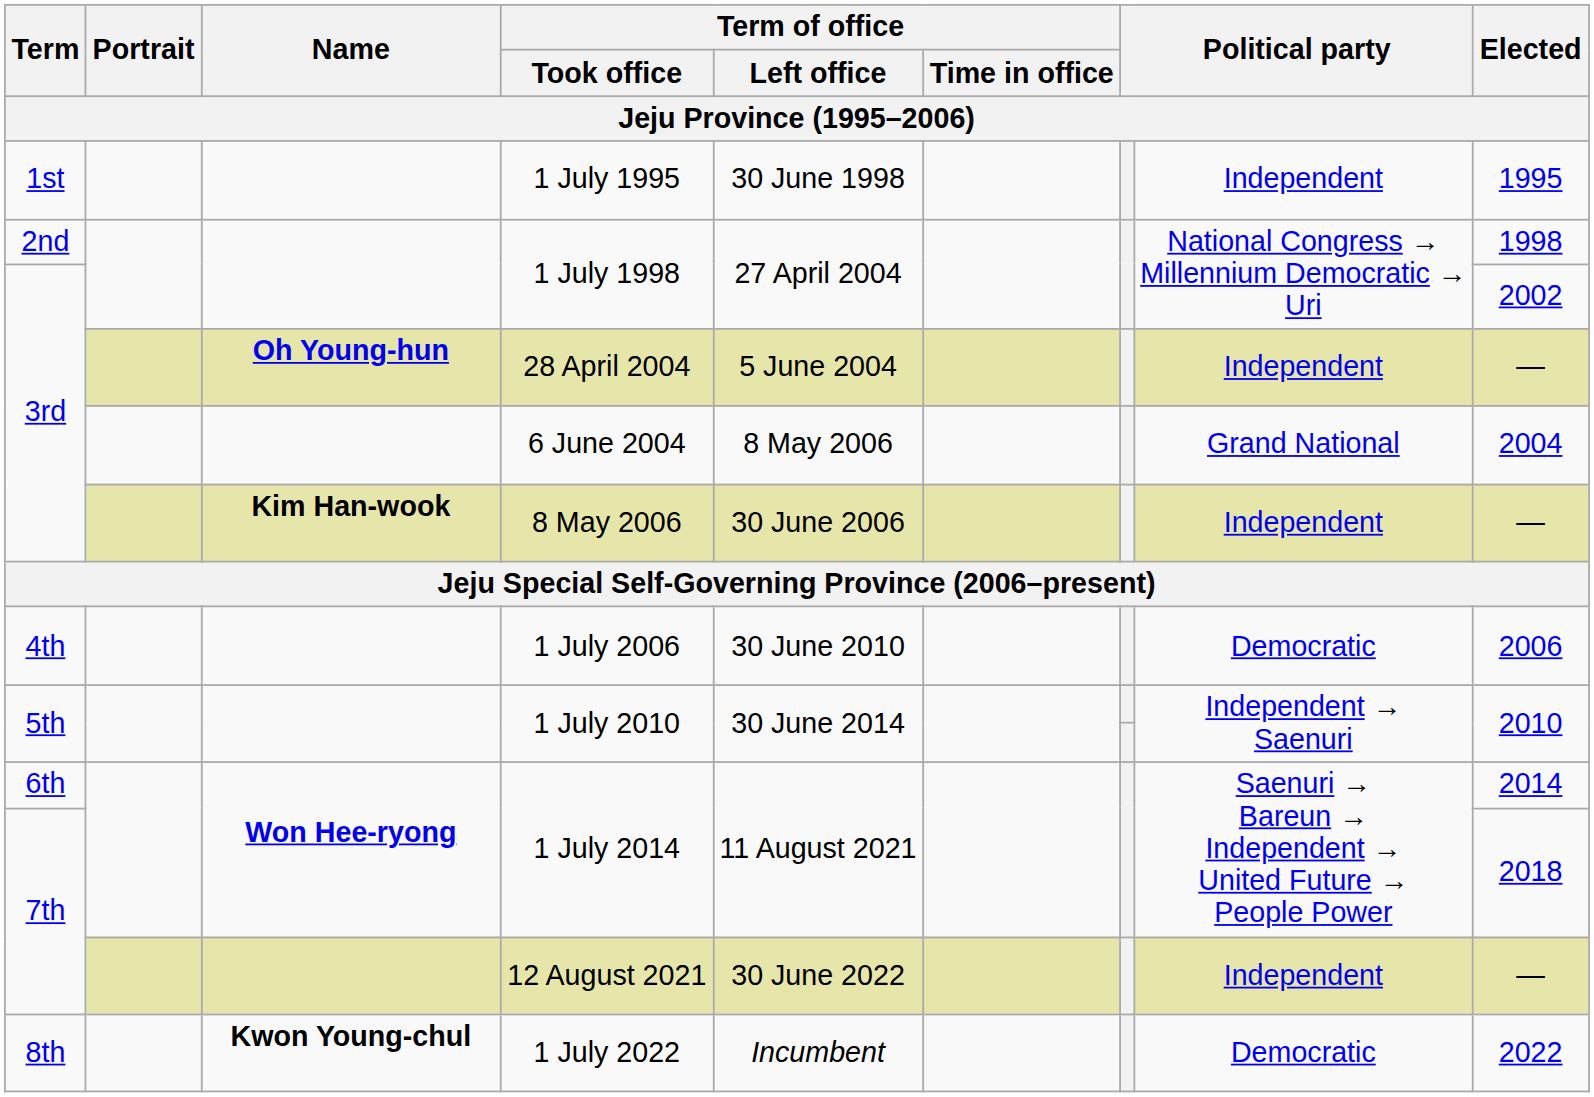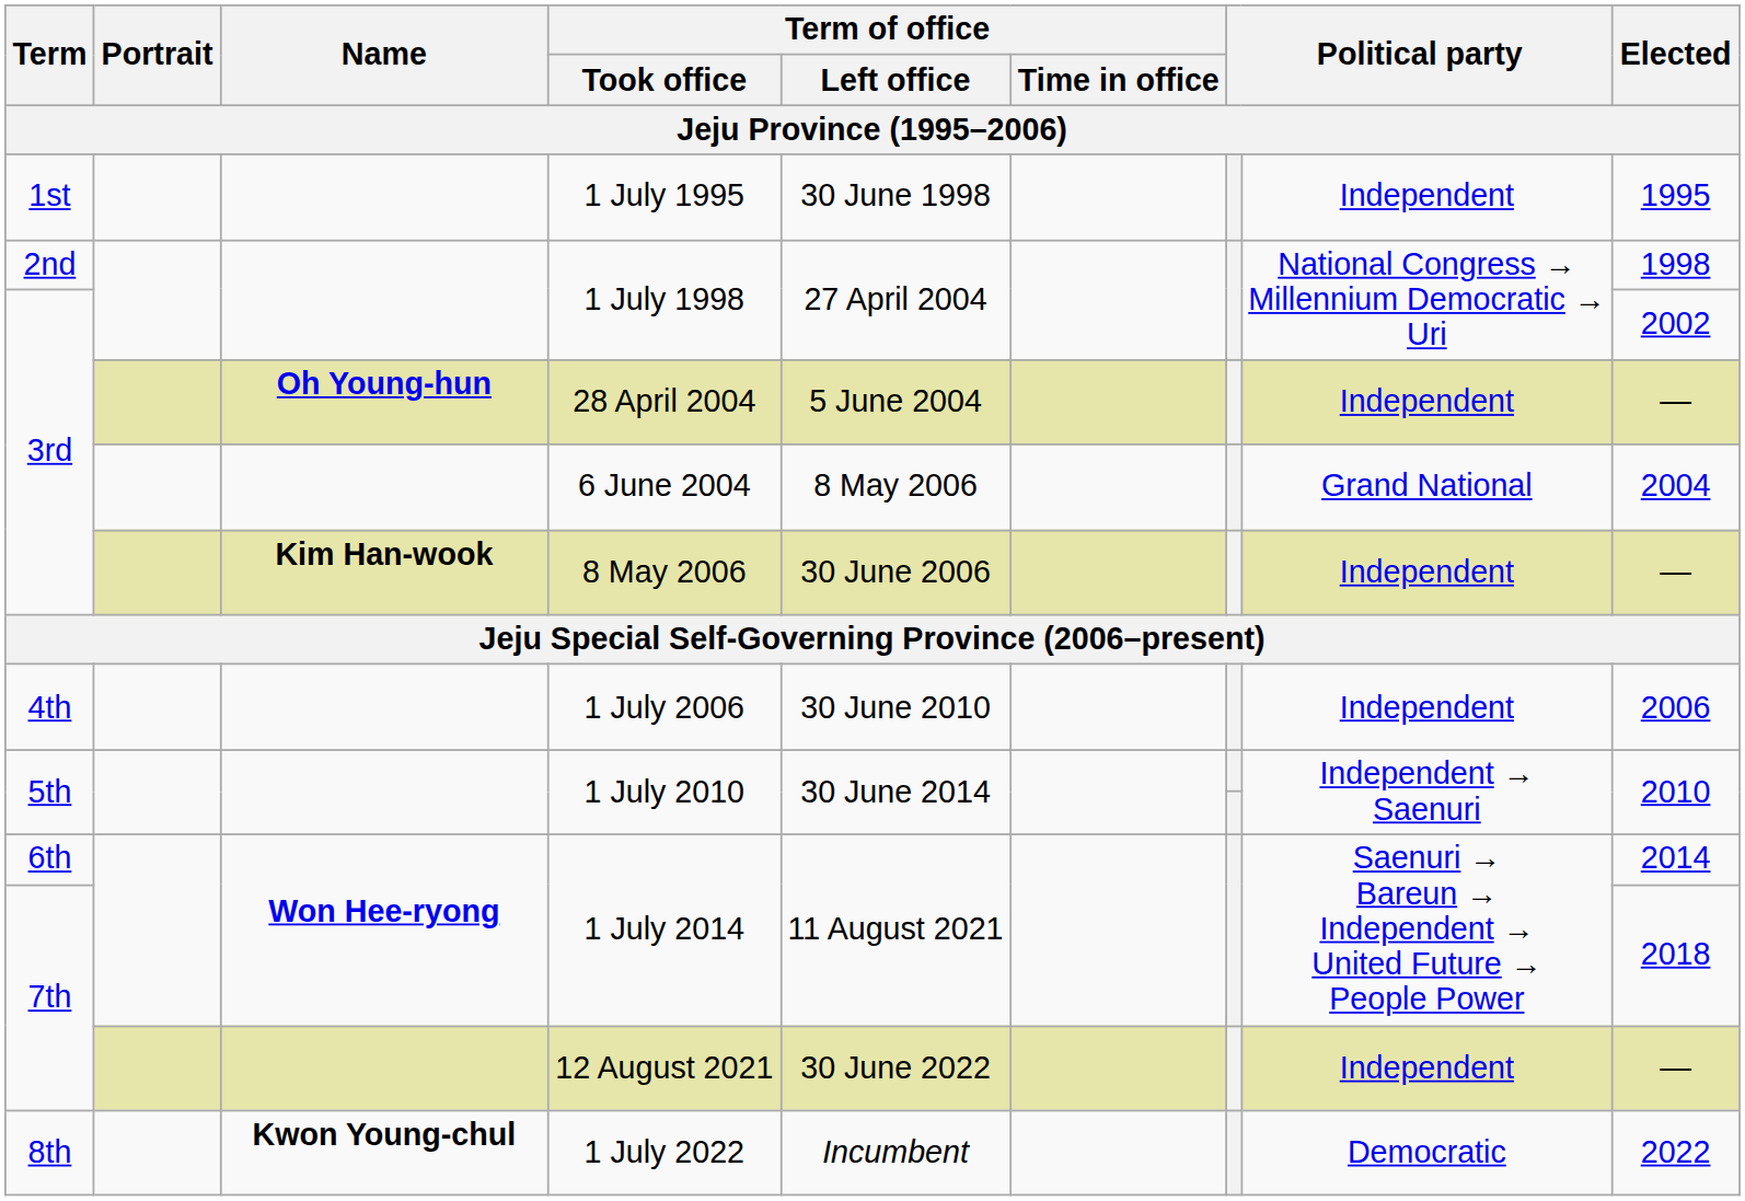 <table class="wikitable" style="text-align:center">
 <tr>
 <th rowspan="2">Term</th>
 <th rowspan="2">Portrait</th>
 <th rowspan="2" width="160">Name<br></th>
 <th colspan="3">Term of office</th>
 <th colspan="2" rowspan="2">Political party</th>
 <th rowspan="2">Elected</th>
 </tr>
 <tr>
 <th>Took office</th>
 <th>Left office</th>
 <th>Time in office</th>
 </tr>
 <tr>
 <th colspan="9">Jeju Province (1995–2006)</th>
 </tr>
 <tr>
 <td><a href='#'>1st</a></td>
 <td></td>
 <td><strong></strong><br><br></td>
 <td>1 July 1995</td>
 <td>30 June 1998</td>
 <td></td>
 <th style="background:"></th>
 <td><a href='#'>Independent</a></td>
 <td><a href='#'>1995</a></td>
 </tr>
 <tr>
 <td><a href='#'>2nd</a></td>
 <td rowspan="2"></td>
 <td rowspan="2"><strong></strong><br><br></td>
 <td rowspan="2">1 July 1998</td>
 <td rowspan="2">27 April 2004</td>
 <td rowspan="2"></td>
 <th rowspan="2" style="background:"></th>
 <td rowspan="2"><a href='#'>National Congress</a> →<br><a href='#'>Millennium Democratic</a> →<br><a href='#'>Uri</a></td>
 <td><a href='#'>1998</a></td>
 </tr>
 <tr>
 <td rowspan="4"><a href='#'>3rd</a></td>
 <td><a href='#'>2002</a></td>
 </tr>
 <tr style="background:#E6E6AA;">
 <td></td>
 <td><strong><a href='#'>Oh Young-hun</a></strong><br><br></td>
 <td>28 April 2004</td>
 <td>5 June 2004</td>
 <td></td>
 <th style="background:"></th>
 <td><a href='#'>Independent</a></td>
 <td>—</td>
 </tr>
 <tr>
 <td></td>
 <td><strong></strong><br><br></td>
 <td>6 June 2004</td>
 <td>8 May 2006</td>
 <td></td>
 <th style="background:"></th>
 <td><a href='#'>Grand National</a></td>
 <td><a href='#'>2004 </a></td>
 </tr>
 <tr style="background:#E6E6AA;">
 <td></td>
 <td><strong>Kim Han-wook</strong><br><br></td>
 <td>8 May 2006</td>
 <td>30 June 2006</td>
 <td></td>
 <th style="background:"></th>
 <td><a href='#'>Independent</a></td>
 <td>—</td>
 </tr>
 <tr>
 <th colspan="9">Jeju Special Self-Governing Province (2006–present)</th>
 </tr>
 <tr>
 <td><a href='#'>4th</a></td>
 <td></td>
 <td><strong></strong><br><br></td>
 <td>1 July 2006</td>
 <td>30 June 2010</td>
 <td></td>
 <th style="background:"></th>
-<td><a href='#'>Democratic</a></td>
+<td><a href='#'>Independent</a></td>
 <td><a href='#'>2006</a></td>
 </tr>
 <tr>
 <td rowspan="2"><a href='#'>5th</a></td>
 <td rowspan="2"></td>
 <td rowspan="2"><strong></strong><br><br></td>
 <td rowspan="2">1 July 2010</td>
 <td rowspan="2">30 June 2014</td>
 <td rowspan="2"></td>
 <th style="background:"></th>
 <td rowspan="2"><a href='#'>Independent</a> →<br><a href='#'>Saenuri</a></td>
 <td rowspan="2"><a href='#'>2010</a></td>
 </tr>
 <tr>
 <th style="background:"></th>
 </tr>
 <tr>
 <td><a href='#'>6th</a></td>
 <td rowspan="2"></td>
 <td rowspan="2"><strong><a href='#'>Won Hee-ryong</a></strong><br><br></td>
 <td rowspan="2">1 July 2014</td>
 <td rowspan="2">11 August 2021</td>
 <td rowspan="2"></td>
 <th rowspan="2" style="background:"></th>
 <td rowspan="2"><a href='#'>Saenuri</a> →<br><a href='#'>Bareun</a> →<br><a href='#'>Independent</a> →<br><a href='#'>United Future</a> →<br><a href='#'>People Power</a></td>
 <td><a href='#'>2014</a></td>
 </tr>
 <tr>
 <td rowspan="2"><a href='#'>7th</a></td>
 <td><a href='#'>2018</a></td>
 </tr>
 <tr style="background:#E6E6AA;">
 <td></td>
 <td><strong></strong><br><br></td>
 <td>12 August 2021</td>
 <td>30 June 2022</td>
 <td></td>
 <th style="background:"></th>
 <td><a href='#'>Independent</a></td>
 <td>—</td>
 </tr>
 <tr>
 <td><a href='#'>8th</a></td>
 <td></td>
 <td><strong>Kwon Young-chul</strong><br><br></td>
 <td>1 July 2022</td>
 <td><em>Incumbent</em></td>
 <td></td>
 <th style="background:"></th>
 <td><a href='#'>Democratic</a></td>
 <td><a href='#'>2022</a></td>
 </tr>
 </table>
